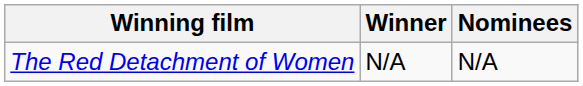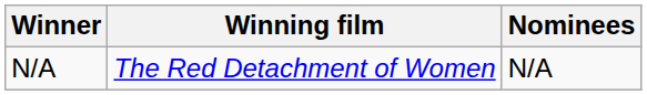 <table class="wikitable">
 <tr>
+<th>Winner</th>
 <th>Winning film</th>
-<th>Winner</th>
 <th>Nominees</th>
 </tr>
 <tr>
+<td>N/A</td>
 <td><em><a href='#'>The Red Detachment of Women</a></em></td>
-<td>N/A</td>
 <td>N/A</td>
 </tr>
 </table>
